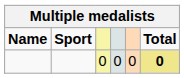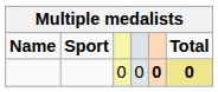 <table class=wikitable style="font-size:85%; float:right;text-align:center">
 <tr bgcolor=EFEFEF>
 <th colspan=7><strong>Multiple medalists</strong></th>
 </tr>
 <tr>
 <td><strong>Name</strong></td>
 <td><strong>Sport</strong></td>
 <td bgcolor=F7F6A8></td>
 <td bgcolor=DCE5E5></td>
 <td bgcolor=FFDAB9></td>
 <td><strong>Total</strong></td>
 </tr>
 <tr>
 <td></td>
 <td></td>
 <td bgcolor=F7F6A8>0</td>
 <td bgcolor=DCE5E5>0</td>
-<td bgcolor=FFDAB9>0</td>
+<td bgcolor=FFDAB9><strong>0</strong></td>
 <td style="background: khaki;"><strong>0</strong></td>
 </tr>
 </table>
